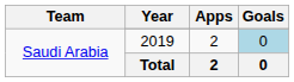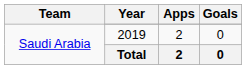 <table class="wikitable" style="text-align: center;">
 <tr>
 <th width="120">Team</th>
 <th width="60">Year</th>
 <th width="45">Apps</th>
 <th width="45">Goals</th>
 </tr>
 <tr>
 <td rowspan=10><a href='#'>Saudi Arabia</a></td>
 </tr>
 <tr>
 <td>2019</td>
 <td>2</td>
-<td style="background: lightblue;">0</td>
+<td>0</td>
 </tr>
 <tr>
 <th>Total</th>
 <th>2</th>
 <th>0</th>
 </tr>
 </table>
